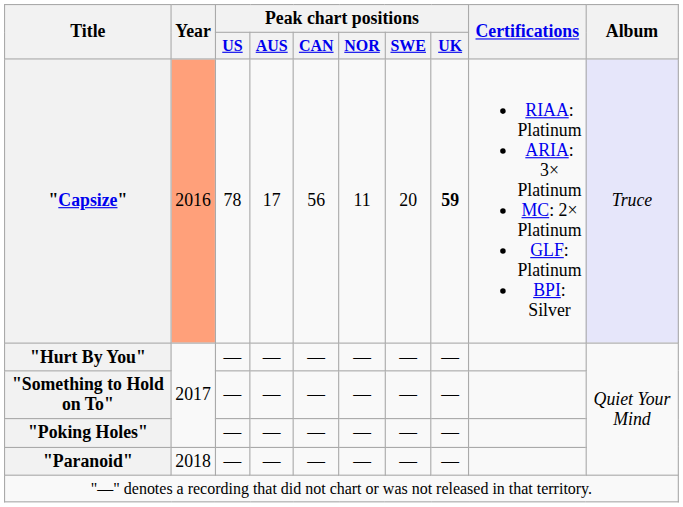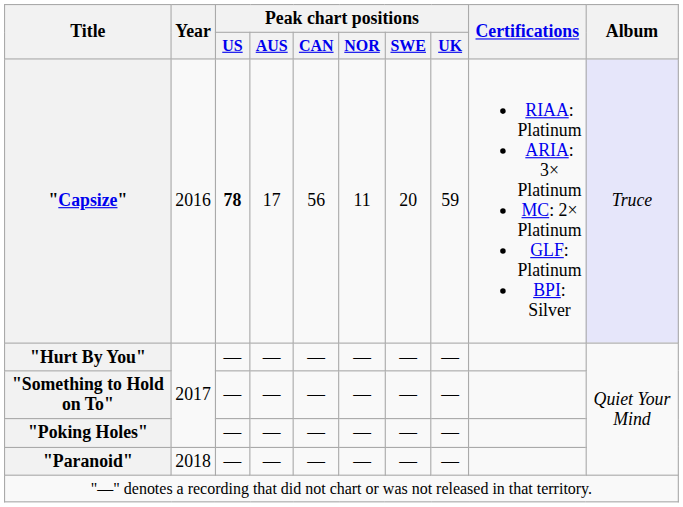 <table class="wikitable plainrowheaders" style="text-align:center;">
 <tr>
 <th scope="col" rowspan="2" style="width:20em;">Title</th>
 <th scope="col" rowspan="2" style="width:1em;">Year</th>
 <th scope="col" colspan="6">Peak chart positions</th>
 <th rowspan="2"><a href='#'>Certifications</a></th>
 <th scope="col" rowspan="2" style="width:10em;">Album</th>
 </tr>
 <tr>
 <th scope="col" style="width:3em;font-size:90%;"><a href='#'>US</a><br></th>
 <th scope="col" style="width:3em;font-size:90%;"><a href='#'>AUS</a><br></th>
 <th scope="col" style="width:3em;font-size:90%;"><a href='#'>CAN</a><br></th>
 <th scope="col" style="width:3em;font-size:90%;"><a href='#'>NOR</a><br></th>
 <th scope="col" style="width:3em;font-size:90%;"><a href='#'>SWE</a><br></th>
 <th scope="col" style="width:3em;font-size:90%;"><a href='#'>UK</a><br></th>
 </tr>
 <tr>
 <th scope="row">"<a href='#'>Capsize</a>"<br></th>
-<td style="background: lightsalmon;">2016</td>
-<td>78</td>
+<td>2016</td>
+<td><strong>78</strong></td>
 <td>17</td>
 <td>56</td>
 <td>11</td>
 <td>20</td>
-<td><strong>59</strong></td>
+<td>59</td>
 <td><br><ul><li><a href='#'>RIAA</a>: Platinum</li><li><a href='#'>ARIA</a>: 3× Platinum</li><li><a href='#'>MC</a>: 2× Platinum</li><li><a href='#'>GLF</a>: Platinum</li><li><a href='#'>BPI</a>: Silver</li></ul></td>
 <td style="background: lavender;"><em>Truce</em></td>
 </tr>
 <tr>
 <th scope="row">"Hurt By You"</th>
 <td rowspan="3">2017</td>
 <td>—</td>
 <td>—</td>
 <td>—</td>
 <td>—</td>
 <td>—</td>
 <td>—</td>
 <td></td>
 <td rowspan="4"><em>Quiet Your Mind</em></td>
 </tr>
 <tr>
 <th scope="row">"Something to Hold on To"</th>
 <td>—</td>
 <td>—</td>
 <td>—</td>
 <td>—</td>
 <td>—</td>
 <td>—</td>
 <td></td>
 </tr>
 <tr>
 <th scope="row">"Poking Holes"</th>
 <td>—</td>
 <td>—</td>
 <td>—</td>
 <td>—</td>
 <td>—</td>
 <td>—</td>
 <td></td>
 </tr>
 <tr>
 <th scope="row">"Paranoid"</th>
 <td>2018</td>
 <td>—</td>
 <td>—</td>
 <td>—</td>
 <td>—</td>
 <td>—</td>
 <td>—</td>
 <td></td>
 </tr>
 <tr>
 <td colspan="10" style="font-size:90%">"—" denotes a recording that did not chart or was not released in that territory.</td>
 </tr>
 </table>
